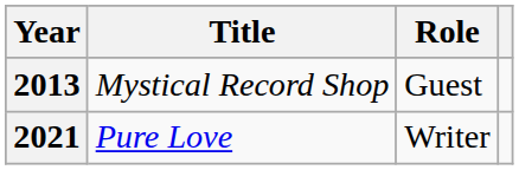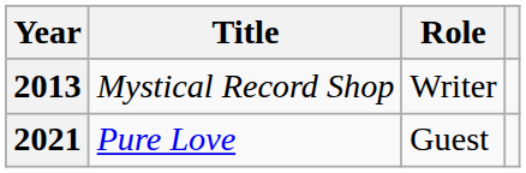 <table class="wikitable plainrowheaders sortable"  style=font-size:100%>
 <tr>
 <th scope="col">Year</th>
 <th scope="col">Title</th>
 <th scope="col">Role</th>
 <th scope="col" class="unsortable"></th>
 </tr>
 <tr>
 <th scope="row">2013</th>
 <td><em>Mystical Record Shop</em></td>
-<td>Guest</td>
+<td>Writer</td>
 <td style="text-align:center;"></td>
 </tr>
 <tr>
 <th scope="row">2021</th>
 <td><em><a href='#'>Pure Love</a></em></td>
-<td>Writer</td>
+<td>Guest</td>
 <td style="text-align:center;"></td>
 </tr>
 </table>
